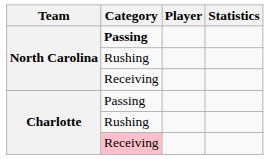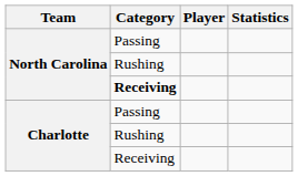 <table class="wikitable" style="float:right">
 <tr>
 <th>Team</th>
 <th>Category</th>
 <th>Player</th>
 <th>Statistics</th>
 </tr>
 <tr>
 <th rowspan=3>North Carolina</th>
-<td><strong>Passing</strong></td>
+<td>Passing</td>
 <td></td>
 <td></td>
 </tr>
 <tr>
 <td>Rushing</td>
 <td></td>
 <td></td>
 </tr>
 <tr>
-<td>Receiving</td>
+<td><strong>Receiving</strong></td>
 <td></td>
 <td></td>
 </tr>
 <tr>
 <th rowspan=3>Charlotte</th>
 <td>Passing</td>
 <td></td>
 <td></td>
 </tr>
 <tr>
 <td>Rushing</td>
 <td></td>
 <td></td>
 </tr>
 <tr>
-<td style="background: pink;">Receiving</td>
+<td>Receiving</td>
 <td></td>
 <td></td>
 </tr>
 </table>
